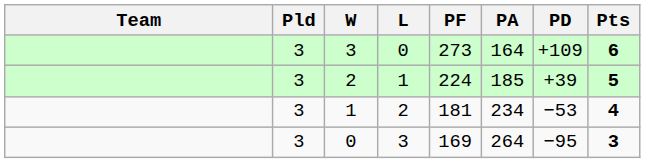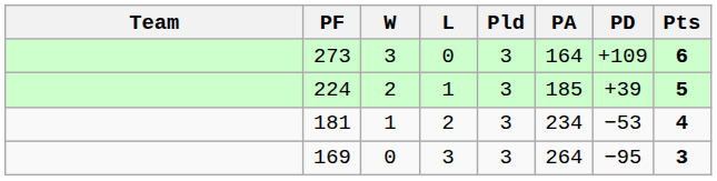 <table class=wikitable style="text-align:center">
 <tr>
 <th width=180>Team</th>
-<th width=30>Pld</th>
+<th width=30>PF</th>
 <th width=30>W</th>
 <th width=30>L</th>
-<th width=30>PF</th>
+<th width=30>Pld</th>
 <th width=30>PA</th>
 <th width=30>PD</th>
 <th width=30>Pts</th>
 </tr>
 <tr align=center bgcolor="#ccffcc">
 <td align=left></td>
-<td>3</td>
+<td>273</td>
 <td>3</td>
 <td>0</td>
-<td>273</td>
+<td>3</td>
 <td>164</td>
 <td>+109</td>
 <td><strong>6</strong></td>
 </tr>
 <tr align=center bgcolor="#ccffcc">
 <td align=left></td>
-<td>3</td>
+<td>224</td>
 <td>2</td>
 <td>1</td>
-<td>224</td>
+<td>3</td>
 <td>185</td>
 <td>+39</td>
 <td><strong>5</strong></td>
 </tr>
 <tr align=center>
 <td align=left></td>
-<td>3</td>
+<td>181</td>
 <td>1</td>
 <td>2</td>
-<td>181</td>
+<td>3</td>
 <td>234</td>
 <td>−53</td>
 <td><strong>4</strong></td>
 </tr>
 <tr align=center>
 <td align=left></td>
-<td>3</td>
+<td>169</td>
 <td>0</td>
 <td>3</td>
-<td>169</td>
+<td>3</td>
 <td>264</td>
 <td>−95</td>
 <td><strong>3</strong></td>
 </tr>
 </table>
